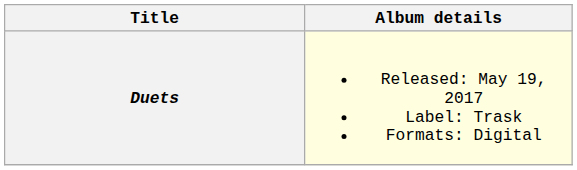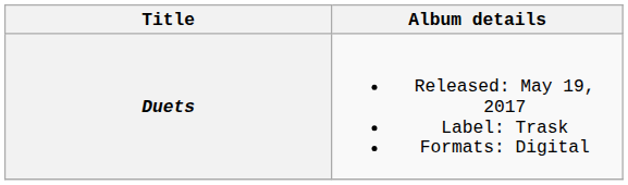 <table class="wikitable plainrowheaders" style="text-align:center;">
 <tr>
 <th scope="col" style="width:18em;">Title</th>
 <th scope="col" style="width:16em;">Album details</th>
 </tr>
 <tr>
 <th scope="row"><em>Duets</em><br></th>
-<td style="background: lightyellow;"><br><ul><li>Released: May 19, 2017</li><li>Label: Trask</li><li>Formats: Digital</li></ul></td>
+<td><br><ul><li>Released: May 19, 2017</li><li>Label: Trask</li><li>Formats: Digital</li></ul></td>
 </tr>
 <tr>
 </tr>
 </table>
